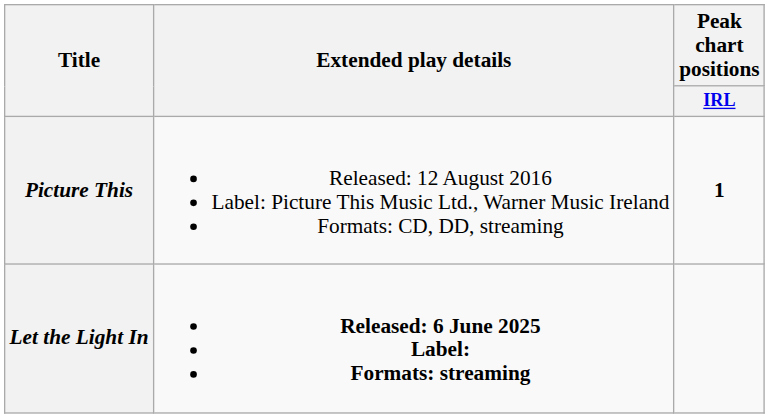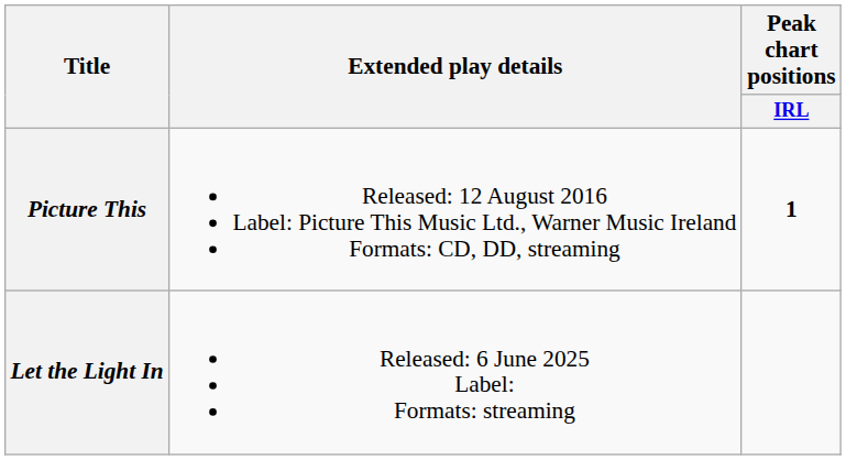 <table class="wikitable plainrowheaders" style="text-align:center">
 <tr>
 <th rowspan="2">Title</th>
 <th rowspan="2">Extended play details</th>
 <th colspan="1">Peak<br> chart<br> positions</th>
 </tr>
 <tr>
 <th style="width:3em;font-size:85%" colspan=2><a href='#'>IRL</a><br></th>
 </tr>
 <tr>
 <th scope="row"><em>Picture This</em></th>
 <td><br><ul><li>Released: 12 August 2016</li><li>Label: Picture This Music Ltd., Warner Music Ireland</li><li>Formats: CD, DD, streaming</li></ul></td>
 <td><strong>1</strong></td>
 </tr>
 <tr>
 <th scope="row"><em>Let the Light In</em></th>
-<td><strong><br><ul><li>Released: 6 June 2025</li><li>Label:</li><li>Formats: streaming</li></ul></strong></td>
+<td><br><ul><li>Released: 6 June 2025</li><li>Label:</li><li>Formats: streaming</li></ul></td>
 <td></td>
 </tr>
 </table>
